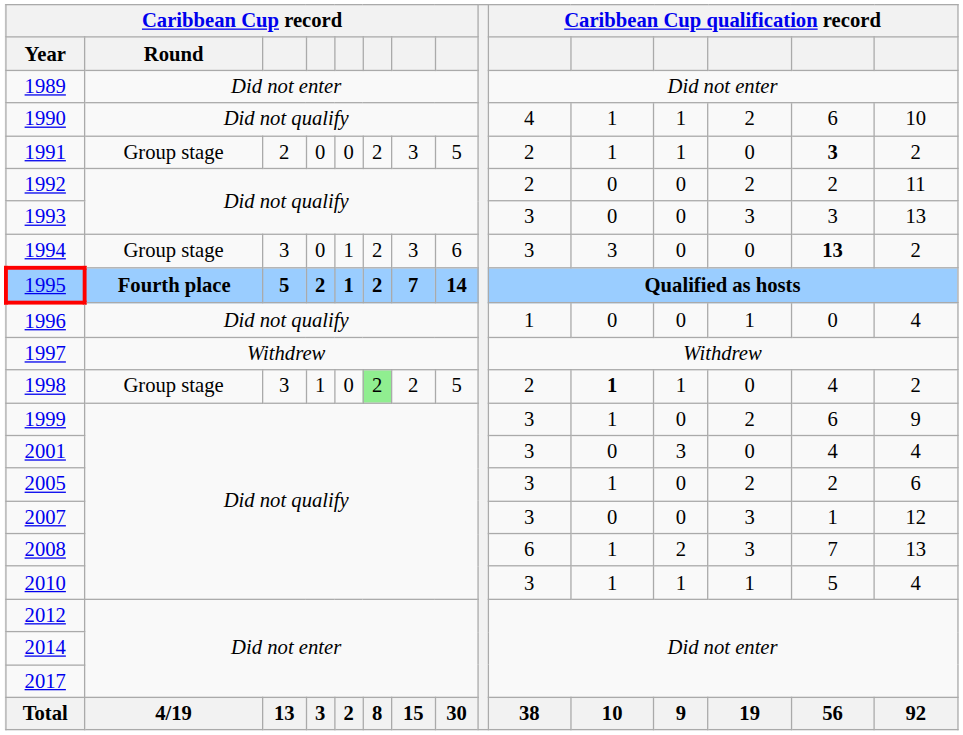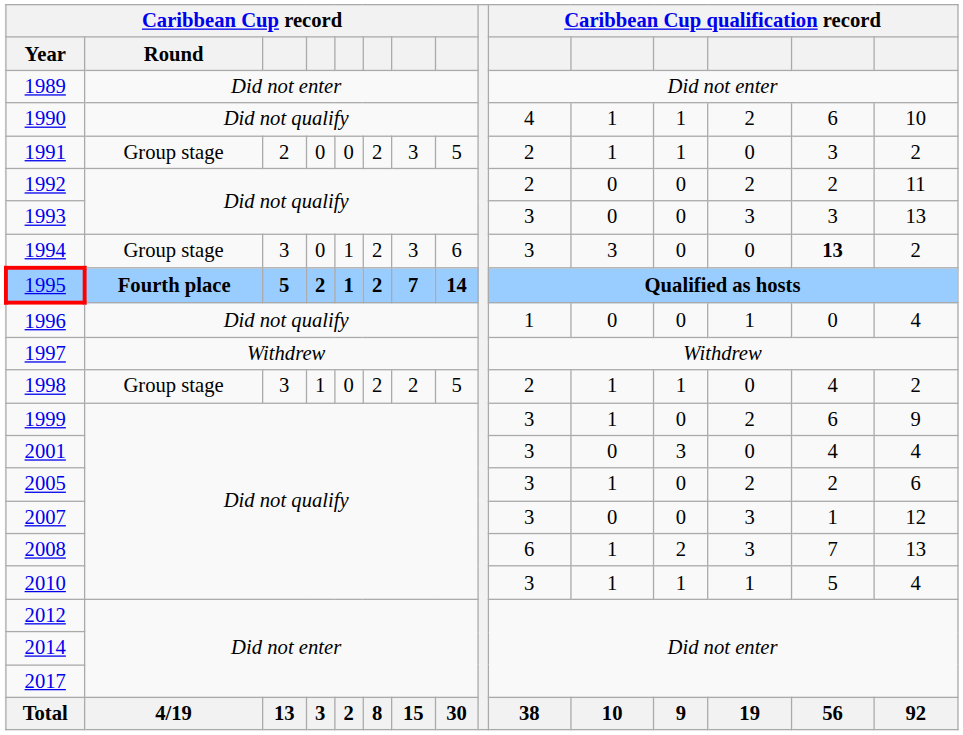 <table class="wikitable" style="text-align: center;">
 <tr>
 <th colspan=8><a href='#'>Caribbean Cup</a> record</th>
 <th width=1% rowspan=22></th>
 <th colspan=6><a href='#'>Caribbean Cup qualification</a> record</th>
 </tr>
 <tr>
 <th>Year</th>
 <th>Round</th>
 <th></th>
 <th></th>
 <th></th>
 <th></th>
 <th></th>
 <th></th>
 <th></th>
 <th></th>
 <th></th>
 <th></th>
 <th></th>
 <th></th>
 </tr>
 <tr>
 <td> <a href='#'>1989</a></td>
 <td colspan=8><em>Did not enter</em></td>
 <td colspan=6><em>Did not enter</em></td>
 </tr>
 <tr>
 <td> <a href='#'>1990</a></td>
 <td colspan=8><em>Did not qualify</em></td>
 <td>4</td>
 <td>1</td>
 <td>1</td>
 <td>2</td>
 <td>6</td>
 <td>10</td>
 </tr>
 <tr>
 <td> <a href='#'>1991</a></td>
 <td>Group stage</td>
 <td>2</td>
 <td>0</td>
 <td>0</td>
 <td>2</td>
 <td>3</td>
 <td>5</td>
 <td>2</td>
 <td>1</td>
 <td>1</td>
 <td>0</td>
-<td><strong>3</strong></td>
+<td>3</td>
 <td>2</td>
 </tr>
 <tr>
 <td> <a href='#'>1992</a></td>
 <td colspan=8 rowspan=2><em>Did not qualify</em></td>
 <td>2</td>
 <td>0</td>
 <td>0</td>
 <td>2</td>
 <td>2</td>
 <td>11</td>
 </tr>
 <tr>
 <td> <a href='#'>1993</a></td>
 <td>3</td>
 <td>0</td>
 <td>0</td>
 <td>3</td>
 <td>3</td>
 <td>13</td>
 </tr>
 <tr>
 <td> <a href='#'>1994</a></td>
 <td>Group stage</td>
 <td>3</td>
 <td>0</td>
 <td>1</td>
 <td>2</td>
 <td>3</td>
 <td>6</td>
 <td>3</td>
 <td>3</td>
 <td>0</td>
 <td>0</td>
 <td><strong>13</strong></td>
 <td>2</td>
 </tr>
 <tr style="background:#9ACDFF;">
 <td style="border: 3px solid red">  <a href='#'>1995</a></td>
 <td><strong>Fourth place</strong></td>
 <td><strong>5</strong></td>
 <td><strong>2</strong></td>
 <td><strong>1</strong></td>
 <td><strong>2</strong></td>
 <td><strong>7</strong></td>
 <td><strong>14</strong></td>
 <td colspan=6><strong>Qualified as hosts</strong></td>
 </tr>
 <tr>
 <td> <a href='#'>1996</a></td>
 <td colspan=8><em>Did not qualify</em></td>
 <td>1</td>
 <td>0</td>
 <td>0</td>
 <td>1</td>
 <td>0</td>
 <td>4</td>
 </tr>
 <tr>
 <td>  <a href='#'>1997</a></td>
 <td colspan=8><em>Withdrew</em></td>
 <td colspan=6><em>Withdrew</em></td>
 </tr>
 <tr>
 <td>  <a href='#'>1998</a></td>
 <td>Group stage</td>
 <td>3</td>
 <td>1</td>
 <td>0</td>
-<td style="background: lightgreen;">2</td>
+<td>2</td>
 <td>2</td>
 <td>5</td>
 <td>2</td>
-<td><strong>1</strong></td>
+<td>1</td>
 <td>1</td>
 <td>0</td>
 <td>4</td>
 <td>2</td>
 </tr>
 <tr>
 <td> <a href='#'>1999</a></td>
 <td colspan=8 rowspan=6><em>Did not qualify</em></td>
 <td>3</td>
 <td>1</td>
 <td>0</td>
 <td>2</td>
 <td>6</td>
 <td>9</td>
 </tr>
 <tr>
 <td> <a href='#'>2001</a></td>
 <td>3</td>
 <td>0</td>
 <td>3</td>
 <td>0</td>
 <td>4</td>
 <td>4</td>
 </tr>
 <tr>
 <td> <a href='#'>2005</a></td>
 <td>3</td>
 <td>1</td>
 <td>0</td>
 <td>2</td>
 <td>2</td>
 <td>6</td>
 </tr>
 <tr>
 <td> <a href='#'>2007</a></td>
 <td>3</td>
 <td>0</td>
 <td>0</td>
 <td>3</td>
 <td>1</td>
 <td>12</td>
 </tr>
 <tr>
 <td> <a href='#'>2008</a></td>
 <td>6</td>
 <td>1</td>
 <td>2</td>
 <td>3</td>
 <td>7</td>
 <td>13</td>
 </tr>
 <tr>
 <td> <a href='#'>2010</a></td>
 <td>3</td>
 <td>1</td>
 <td>1</td>
 <td>1</td>
 <td>5</td>
 <td>4</td>
 </tr>
 <tr>
 <td> <a href='#'>2012</a></td>
 <td colspan=8 rowspan=3><em>Did not enter</em></td>
 <td colspan=6 rowspan=3><em>Did not enter</em></td>
 </tr>
 <tr>
 <td> <a href='#'>2014</a></td>
 </tr>
 <tr>
 <td> <a href='#'>2017</a></td>
 </tr>
 <tr>
 <th>Total</th>
 <th>4/19</th>
 <th>13</th>
 <th>3</th>
 <th>2</th>
 <th>8</th>
 <th>15</th>
 <th>30</th>
 <th>38</th>
 <th>10</th>
 <th>9</th>
 <th>19</th>
 <th>56</th>
 <th>92</th>
 </tr>
 </table>
